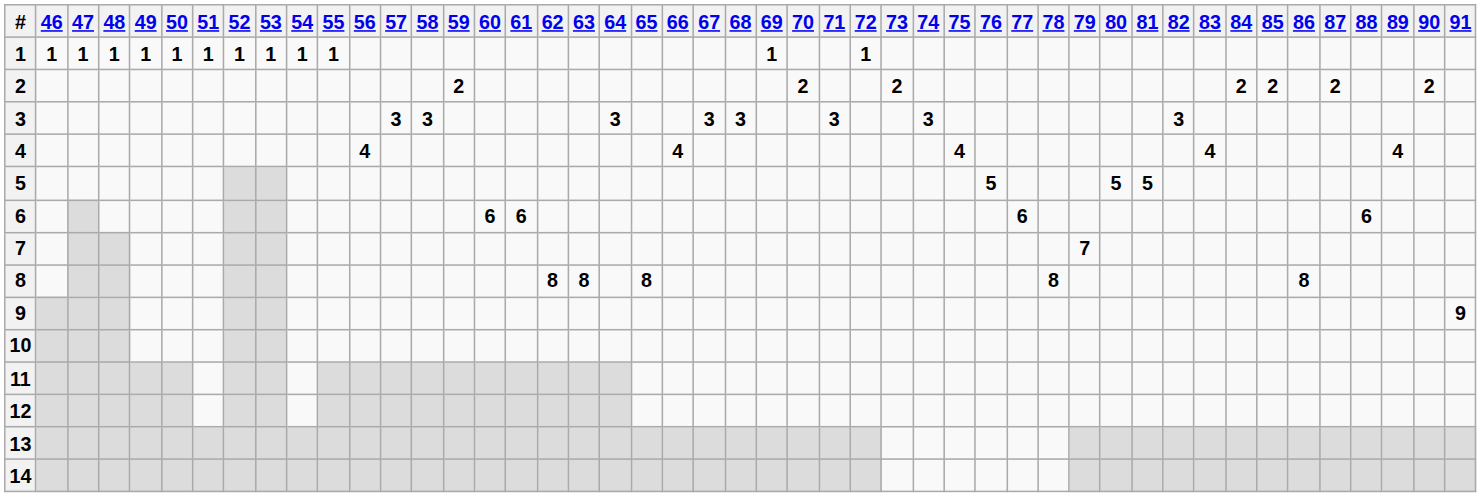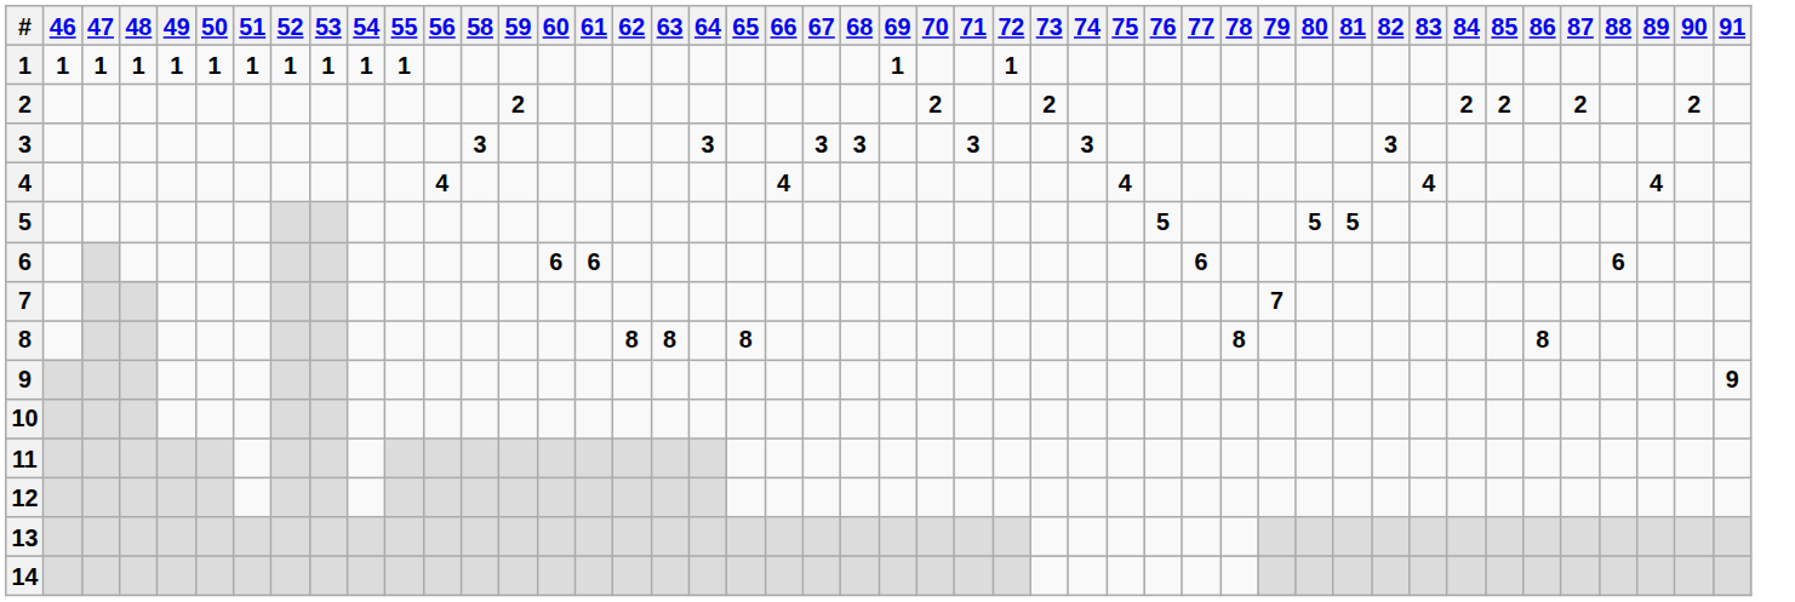 <table class="wikitable" style="text-align: center; font-size:80%">
 <tr>
 <th>#</th>
 <th><strong><a href='#'>46</a></strong></th>
 <th><strong><a href='#'>47</a></strong></th>
 <th><strong><a href='#'>48</a></strong></th>
 <th><strong><a href='#'>49</a></strong></th>
 <th><strong><a href='#'>50</a></strong></th>
 <th><strong><a href='#'>51</a></strong></th>
 <th><strong><a href='#'>52</a></strong></th>
 <th><strong><a href='#'>53</a></strong></th>
 <th><strong><a href='#'>54</a></strong></th>
 <th><strong><a href='#'>55</a></strong></th>
 <th><strong><a href='#'>56</a></strong></th>
-<th><strong><a href='#'>57</a></strong></th>
 <th><strong><a href='#'>58</a></strong></th>
 <th><strong><a href='#'>59</a></strong></th>
 <th><strong><a href='#'>60</a></strong></th>
 <th><strong><a href='#'>61</a></strong></th>
 <th><strong><a href='#'>62</a></strong></th>
 <th><strong><a href='#'>63</a></strong></th>
 <th><strong><a href='#'>64</a></strong></th>
 <th><strong><a href='#'>65</a></strong></th>
 <th><strong><a href='#'>66</a></strong></th>
 <th><strong><a href='#'>67</a></strong></th>
 <th><strong><a href='#'>68</a></strong></th>
 <th><strong><a href='#'>69</a></strong></th>
 <th><strong><a href='#'>70</a></strong></th>
 <th><strong><a href='#'>71</a></strong></th>
 <th><strong><a href='#'>72</a></strong></th>
 <th><strong><a href='#'>73</a></strong></th>
 <th><strong><a href='#'>74</a></strong></th>
 <th><strong><a href='#'>75</a></strong></th>
 <th><strong><a href='#'>76</a></strong></th>
 <th><strong><a href='#'>77</a></strong></th>
 <th><strong><a href='#'>78</a></strong></th>
 <th><strong><a href='#'>79</a></strong></th>
 <th><strong><a href='#'>80</a></strong></th>
 <th><strong><a href='#'>81</a></strong></th>
 <th><strong><a href='#'>82</a></strong></th>
 <th><strong><a href='#'>83</a></strong></th>
 <th><strong><a href='#'>84</a></strong></th>
 <th><strong><a href='#'>85</a></strong></th>
 <th><strong><a href='#'>86</a></strong></th>
 <th><strong><a href='#'>87</a></strong></th>
 <th><strong><a href='#'>88</a></strong></th>
 <th><strong><a href='#'>89</a></strong></th>
 <th><strong><a href='#'>90</a></strong></th>
 <th><strong><a href='#'>91</a></strong></th>
 </tr>
 <tr>
 <th>1</th>
 <td><span><strong>1</strong></span></td>
 <td><span><strong>1</strong></span></td>
 <td><span><strong>1</strong></span></td>
 <td><span><strong>1</strong></span></td>
 <td><span><strong>1</strong></span></td>
 <td><span><strong>1</strong></span></td>
 <td><span><strong>1</strong></span></td>
 <td><span><strong>1</strong></span></td>
 <td><span><strong>1</strong></span></td>
 <td><span><strong>1</strong></span></td>
 <td></td>
 <td></td>
 <td></td>
 <td></td>
 <td></td>
 <td></td>
 <td></td>
 <td></td>
 <td></td>
 <td></td>
 <td></td>
 <td></td>
-<td></td>
 <td><span><strong>1</strong></span></td>
 <td></td>
 <td></td>
 <td><span><strong>1</strong></span></td>
 <td></td>
 <td></td>
 <td></td>
 <td></td>
 <td></td>
 <td></td>
 <td></td>
 <td></td>
 <td></td>
 <td></td>
 <td></td>
 <td></td>
 <td></td>
 <td></td>
 <td></td>
 <td></td>
 <td></td>
 <td></td>
 <td></td>
 </tr>
 <tr>
 <th>2</th>
-<td></td>
 <td></td>
 <td></td>
 <td></td>
 <td></td>
 <td></td>
 <td></td>
 <td></td>
 <td></td>
 <td></td>
 <td></td>
 <td></td>
 <td></td>
 <td><span><strong>2</strong></span></td>
 <td></td>
 <td></td>
 <td></td>
 <td></td>
 <td></td>
 <td></td>
 <td></td>
 <td></td>
 <td></td>
 <td></td>
 <td><span><strong>2</strong></span></td>
 <td></td>
 <td></td>
 <td><span><strong>2</strong></span></td>
 <td></td>
 <td></td>
 <td></td>
 <td></td>
 <td></td>
 <td></td>
 <td></td>
 <td></td>
 <td></td>
 <td></td>
 <td><span><strong>2</strong></span></td>
 <td><span><strong>2</strong></span></td>
 <td></td>
 <td><span><strong>2</strong></span></td>
 <td></td>
 <td></td>
 <td><span><strong>2</strong></span></td>
 <td></td>
 </tr>
 <tr>
 <th>3</th>
 <td></td>
 <td></td>
 <td></td>
 <td></td>
 <td></td>
 <td></td>
 <td></td>
 <td></td>
 <td></td>
 <td></td>
 <td></td>
 <td><span><strong>3</strong></span></td>
-<td><span><strong>3</strong></span></td>
 <td></td>
 <td></td>
 <td></td>
 <td></td>
 <td></td>
 <td><span><strong>3</strong></span></td>
 <td></td>
 <td></td>
 <td><span><strong>3</strong></span></td>
 <td><span><strong>3</strong></span></td>
 <td></td>
 <td></td>
 <td><span><strong>3</strong></span></td>
 <td></td>
 <td></td>
 <td><span><strong>3</strong></span></td>
 <td></td>
 <td></td>
 <td></td>
 <td></td>
 <td></td>
 <td></td>
 <td></td>
 <td><span><strong>3</strong></span></td>
 <td></td>
 <td></td>
 <td></td>
 <td></td>
 <td></td>
 <td></td>
 <td></td>
 <td></td>
 <td></td>
 </tr>
 <tr>
 <th>4</th>
 <td></td>
 <td></td>
 <td></td>
 <td></td>
 <td></td>
 <td></td>
 <td></td>
 <td></td>
 <td></td>
 <td></td>
 <td><span><strong>4</strong></span></td>
-<td></td>
 <td></td>
 <td></td>
 <td></td>
 <td></td>
 <td></td>
 <td></td>
 <td></td>
 <td></td>
 <td><span><strong>4</strong></span></td>
 <td></td>
 <td></td>
 <td></td>
 <td></td>
 <td></td>
 <td></td>
 <td></td>
 <td></td>
 <td><span><strong>4</strong></span></td>
 <td></td>
 <td></td>
 <td></td>
 <td></td>
 <td></td>
 <td></td>
 <td></td>
 <td><span><strong>4</strong></span></td>
 <td></td>
 <td></td>
 <td></td>
 <td></td>
 <td></td>
 <td><span><strong>4</strong></span></td>
 <td></td>
 <td></td>
 </tr>
 <tr>
 <th>5</th>
 <td></td>
 <td></td>
 <td></td>
 <td></td>
 <td></td>
 <td></td>
 <td style="background:#dcdcdc"></td>
 <td style="background:#dcdcdc"></td>
 <td></td>
 <td></td>
 <td></td>
 <td></td>
 <td></td>
 <td></td>
 <td></td>
 <td></td>
 <td></td>
 <td></td>
 <td></td>
 <td></td>
 <td></td>
 <td></td>
 <td></td>
 <td></td>
 <td></td>
 <td></td>
 <td></td>
 <td></td>
 <td></td>
-<td></td>
 <td><span><strong>5</strong></span></td>
 <td></td>
 <td></td>
 <td></td>
 <td><span><strong>5</strong></span></td>
 <td><span><strong>5</strong></span></td>
 <td></td>
 <td></td>
 <td></td>
 <td></td>
 <td></td>
 <td></td>
 <td></td>
 <td></td>
 <td></td>
 <td></td>
 </tr>
 <tr>
 <th>6</th>
 <td></td>
 <td style="background:#dcdcdc"></td>
 <td></td>
 <td></td>
 <td></td>
 <td></td>
 <td style="background:#dcdcdc"></td>
 <td style="background:#dcdcdc"></td>
-<td></td>
 <td></td>
 <td></td>
 <td></td>
 <td></td>
 <td></td>
 <td><span><strong>6</strong></span></td>
 <td><span><strong>6</strong></span></td>
 <td></td>
 <td></td>
 <td></td>
 <td></td>
 <td></td>
 <td></td>
 <td></td>
 <td></td>
 <td></td>
 <td></td>
 <td></td>
 <td></td>
 <td></td>
 <td></td>
 <td></td>
 <td><span><strong>6</strong></span></td>
 <td></td>
 <td></td>
 <td></td>
 <td></td>
 <td></td>
 <td></td>
 <td></td>
 <td></td>
 <td></td>
 <td></td>
 <td><span><strong>6</strong></span></td>
 <td></td>
 <td></td>
 <td></td>
 </tr>
 <tr>
 <th>7</th>
 <td></td>
 <td style="background:#dcdcdc"></td>
 <td style="background:#dcdcdc"></td>
 <td></td>
 <td></td>
 <td></td>
 <td style="background:#dcdcdc"></td>
 <td style="background:#dcdcdc"></td>
 <td></td>
 <td></td>
 <td></td>
 <td></td>
 <td></td>
 <td></td>
 <td></td>
 <td></td>
 <td></td>
 <td></td>
 <td></td>
 <td></td>
 <td></td>
 <td></td>
 <td></td>
 <td></td>
 <td></td>
 <td></td>
 <td></td>
 <td></td>
 <td></td>
 <td></td>
 <td></td>
 <td></td>
-<td></td>
 <td><span><strong>7</strong></span></td>
 <td></td>
 <td></td>
 <td></td>
 <td></td>
 <td></td>
 <td></td>
 <td></td>
 <td></td>
 <td></td>
 <td></td>
 <td></td>
 <td></td>
 </tr>
 <tr>
 <th>8</th>
 <td></td>
 <td style="background:#dcdcdc"></td>
 <td style="background:#dcdcdc"></td>
 <td></td>
 <td></td>
 <td></td>
 <td style="background:#dcdcdc"></td>
 <td style="background:#dcdcdc"></td>
-<td></td>
 <td></td>
 <td></td>
 <td></td>
 <td></td>
 <td></td>
 <td></td>
 <td></td>
 <td><span><strong>8</strong></span></td>
 <td><span><strong>8</strong></span></td>
 <td></td>
 <td><span><strong>8</strong></span></td>
 <td></td>
 <td></td>
 <td></td>
 <td></td>
 <td></td>
 <td></td>
 <td></td>
 <td></td>
 <td></td>
 <td></td>
 <td></td>
 <td></td>
 <td><span><strong>8</strong></span></td>
 <td></td>
 <td></td>
 <td></td>
 <td></td>
 <td></td>
 <td></td>
 <td></td>
 <td><span><strong>8</strong></span></td>
 <td></td>
 <td></td>
 <td></td>
 <td></td>
 <td></td>
 </tr>
 <tr>
 <th>9</th>
 <td style="background:#dcdcdc"></td>
 <td style="background:#dcdcdc"></td>
 <td style="background:#dcdcdc"></td>
 <td></td>
 <td></td>
 <td></td>
 <td style="background:#dcdcdc"></td>
 <td style="background:#dcdcdc"></td>
-<td></td>
 <td></td>
 <td></td>
 <td></td>
 <td></td>
 <td></td>
 <td></td>
 <td></td>
 <td></td>
 <td></td>
 <td></td>
 <td></td>
 <td></td>
 <td></td>
 <td></td>
 <td></td>
 <td></td>
 <td></td>
 <td></td>
 <td></td>
 <td></td>
 <td></td>
 <td></td>
 <td></td>
 <td></td>
 <td></td>
 <td></td>
 <td></td>
 <td></td>
 <td></td>
 <td></td>
 <td></td>
 <td></td>
 <td></td>
 <td></td>
 <td></td>
 <td></td>
 <td><span><strong>9</strong></span></td>
 </tr>
 <tr>
 <th>10</th>
 <td style="background:#dcdcdc"></td>
 <td style="background:#dcdcdc"></td>
 <td style="background:#dcdcdc"></td>
 <td></td>
 <td></td>
 <td></td>
 <td style="background:#dcdcdc"></td>
 <td style="background:#dcdcdc"></td>
 <td></td>
 <td></td>
 <td></td>
 <td></td>
 <td></td>
 <td></td>
 <td></td>
 <td></td>
 <td></td>
 <td></td>
 <td></td>
 <td></td>
 <td></td>
 <td></td>
 <td></td>
 <td></td>
 <td></td>
 <td></td>
 <td></td>
 <td></td>
 <td></td>
 <td></td>
 <td></td>
 <td></td>
 <td></td>
 <td></td>
 <td></td>
 <td></td>
 <td></td>
 <td></td>
 <td></td>
 <td></td>
 <td></td>
 <td></td>
 <td></td>
 <td></td>
 <td></td>
-<td></td>
 </tr>
 <tr>
 <th>11</th>
 <td style="background:#dcdcdc"></td>
 <td style="background:#dcdcdc"></td>
 <td style="background:#dcdcdc"></td>
 <td style="background:#dcdcdc"></td>
 <td style="background:#dcdcdc"></td>
 <td></td>
 <td style="background:#dcdcdc"></td>
 <td style="background:#dcdcdc"></td>
 <td></td>
-<td style="background:#dcdcdc"></td>
 <td style="background:#dcdcdc"></td>
 <td style="background:#dcdcdc"></td>
 <td style="background:#dcdcdc"></td>
 <td style="background:#dcdcdc"></td>
 <td style="background:#dcdcdc"></td>
 <td style="background:#dcdcdc"></td>
 <td style="background:#dcdcdc"></td>
 <td style="background:#dcdcdc"></td>
 <td style="background:#dcdcdc"></td>
 <td></td>
 <td></td>
 <td></td>
 <td></td>
 <td></td>
 <td></td>
 <td></td>
 <td></td>
 <td></td>
 <td></td>
 <td></td>
 <td></td>
 <td></td>
 <td></td>
 <td></td>
 <td></td>
 <td></td>
 <td></td>
 <td></td>
 <td></td>
 <td></td>
 <td></td>
 <td></td>
 <td></td>
 <td></td>
 <td></td>
 <td></td>
 </tr>
 <tr>
 <th>12</th>
 <td style="background:#dcdcdc"></td>
 <td style="background:#dcdcdc"></td>
 <td style="background:#dcdcdc"></td>
 <td style="background:#dcdcdc"></td>
 <td style="background:#dcdcdc"></td>
 <td></td>
 <td style="background:#dcdcdc"></td>
 <td style="background:#dcdcdc"></td>
 <td></td>
 <td style="background:#dcdcdc"></td>
 <td style="background:#dcdcdc"></td>
 <td style="background:#dcdcdc"></td>
 <td style="background:#dcdcdc"></td>
 <td style="background:#dcdcdc"></td>
 <td style="background:#dcdcdc"></td>
 <td style="background:#dcdcdc"></td>
 <td style="background:#dcdcdc"></td>
 <td style="background:#dcdcdc"></td>
-<td style="background:#dcdcdc"></td>
 <td></td>
 <td></td>
 <td></td>
 <td></td>
 <td></td>
 <td></td>
 <td></td>
 <td></td>
 <td></td>
 <td></td>
 <td></td>
 <td></td>
 <td></td>
 <td></td>
 <td></td>
 <td></td>
 <td></td>
 <td></td>
 <td></td>
 <td></td>
 <td></td>
 <td></td>
 <td></td>
 <td></td>
 <td></td>
 <td></td>
 <td></td>
 </tr>
 <tr>
 <th>13</th>
-<td style="background:#dcdcdc"></td>
 <td style="background:#dcdcdc"></td>
 <td style="background:#dcdcdc"></td>
 <td style="background:#dcdcdc"></td>
 <td style="background:#dcdcdc"></td>
 <td style="background:#dcdcdc"></td>
 <td style="background:#dcdcdc"></td>
 <td style="background:#dcdcdc"></td>
 <td style="background:#dcdcdc"></td>
 <td style="background:#dcdcdc"></td>
 <td style="background:#dcdcdc"></td>
 <td style="background:#dcdcdc"></td>
 <td style="background:#dcdcdc"></td>
 <td style="background:#dcdcdc"></td>
 <td style="background:#dcdcdc"></td>
 <td style="background:#dcdcdc"></td>
 <td style="background:#dcdcdc"></td>
 <td style="background:#dcdcdc"></td>
 <td style="background:#dcdcdc"></td>
 <td style="background:#dcdcdc"></td>
 <td style="background:#dcdcdc"></td>
 <td style="background:#dcdcdc"></td>
 <td style="background:#dcdcdc"></td>
 <td style="background:#dcdcdc"></td>
 <td style="background:#dcdcdc"></td>
 <td style="background:#dcdcdc"></td>
 <td style="background:#dcdcdc"></td>
 <td></td>
 <td></td>
 <td></td>
 <td></td>
 <td></td>
 <td></td>
 <td style="background:#dcdcdc"></td>
 <td style="background:#dcdcdc"></td>
 <td style="background:#dcdcdc"></td>
 <td style="background:#dcdcdc"></td>
 <td style="background:#dcdcdc"></td>
 <td style="background:#dcdcdc"></td>
 <td style="background:#dcdcdc"></td>
 <td style="background:#dcdcdc"></td>
 <td style="background:#dcdcdc"></td>
 <td style="background:#dcdcdc"></td>
 <td style="background:#dcdcdc"></td>
 <td style="background:#dcdcdc"></td>
 <td style="background:#dcdcdc"></td>
 </tr>
 <tr>
 <th>14</th>
 <td style="background:#dcdcdc"></td>
 <td style="background:#dcdcdc"></td>
 <td style="background:#dcdcdc"></td>
 <td style="background:#dcdcdc"></td>
 <td style="background:#dcdcdc"></td>
 <td style="background:#dcdcdc"></td>
 <td style="background:#dcdcdc"></td>
 <td style="background:#dcdcdc"></td>
 <td style="background:#dcdcdc"></td>
 <td style="background:#dcdcdc"></td>
 <td style="background:#dcdcdc"></td>
 <td style="background:#dcdcdc"></td>
 <td style="background:#dcdcdc"></td>
 <td style="background:#dcdcdc"></td>
 <td style="background:#dcdcdc"></td>
 <td style="background:#dcdcdc"></td>
 <td style="background:#dcdcdc"></td>
 <td style="background:#dcdcdc"></td>
 <td style="background:#dcdcdc"></td>
 <td style="background:#dcdcdc"></td>
 <td style="background:#dcdcdc"></td>
 <td style="background:#dcdcdc"></td>
 <td style="background:#dcdcdc"></td>
 <td style="background:#dcdcdc"></td>
 <td style="background:#dcdcdc"></td>
 <td style="background:#dcdcdc"></td>
-<td style="background:#dcdcdc"></td>
 <td></td>
 <td></td>
 <td></td>
 <td></td>
 <td></td>
 <td></td>
 <td style="background:#dcdcdc"></td>
 <td style="background:#dcdcdc"></td>
 <td style="background:#dcdcdc"></td>
 <td style="background:#dcdcdc"></td>
 <td style="background:#dcdcdc"></td>
 <td style="background:#dcdcdc"></td>
 <td style="background:#dcdcdc"></td>
 <td style="background:#dcdcdc"></td>
 <td style="background:#dcdcdc"></td>
 <td style="background:#dcdcdc"></td>
 <td style="background:#dcdcdc"></td>
 <td style="background:#dcdcdc"></td>
 <td style="background:#dcdcdc"></td>
 </tr>
 </table>
